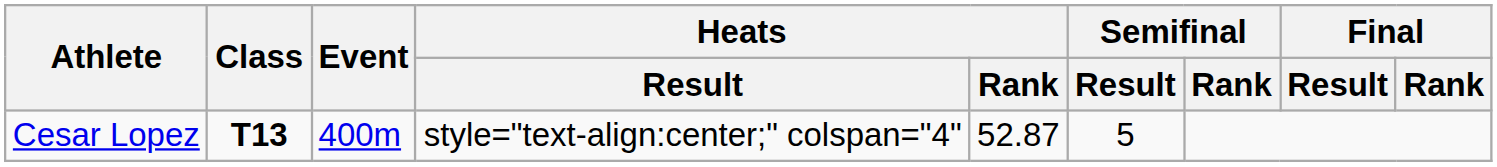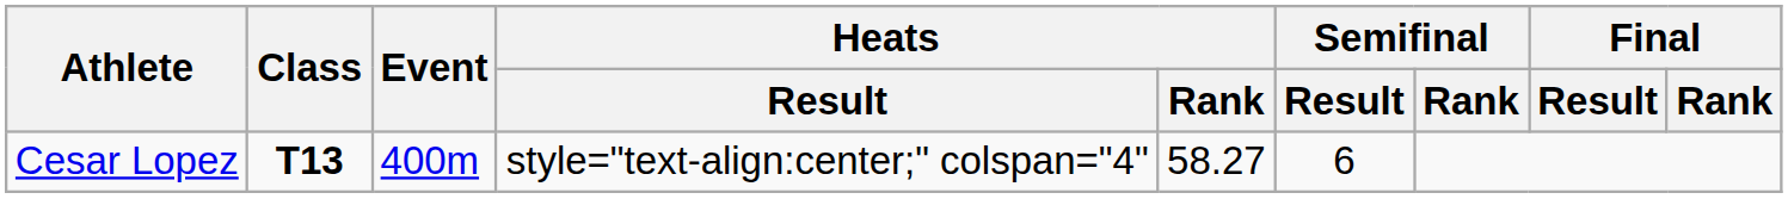 <table class=wikitable style="font-size:90%">
 <tr>
 <th rowspan="2">Athlete</th>
 <th rowspan="2">Class</th>
 <th rowspan="2">Event</th>
 <th colspan="2">Heats</th>
 <th colspan="2">Semifinal</th>
 <th colspan="2">Final</th>
 </tr>
 <tr>
 <th>Result</th>
 <th>Rank</th>
 <th>Result</th>
 <th>Rank</th>
 <th>Result</th>
 <th>Rank</th>
 </tr>
 <tr>
 <td><a href='#'>Cesar Lopez</a></td>
 <td style="text-align:center;"><strong>T13</strong></td>
 <td><a href='#'>400m</a></td>
 <td>style="text-align:center;" colspan="4" </td>
-<td style="text-align:center;">52.87</td>
-<td style="text-align:center;">5</td>
+<td style="text-align:center;">58.27</td>
+<td style="text-align:center;">6</td>
 </tr>
 </table>
